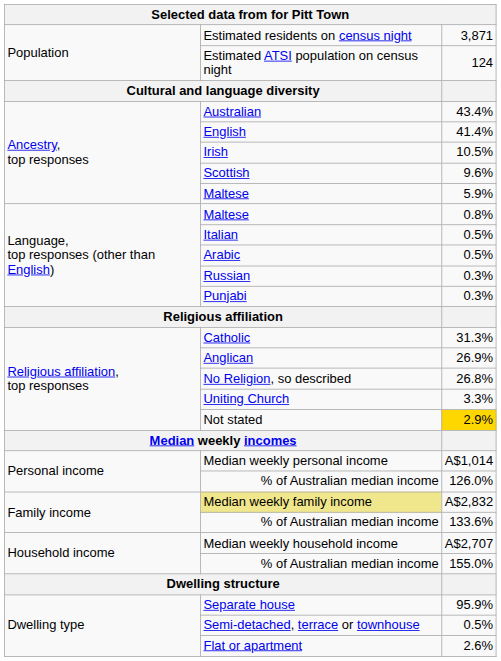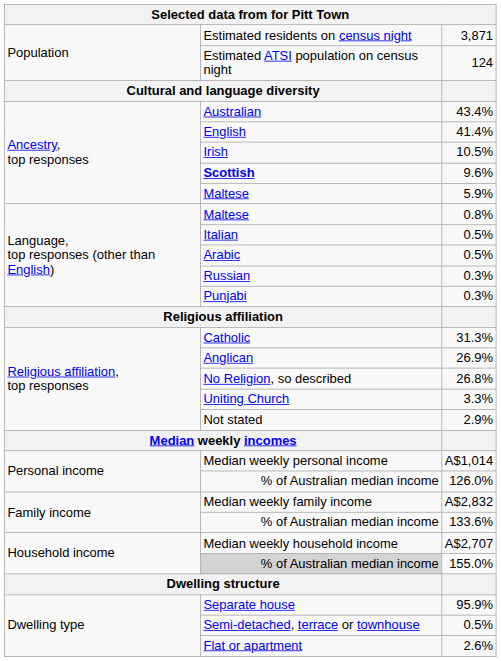 <table class="wikitable">
 <tr>
 <th colspan="3">Selected data from  for Pitt Town</th>
 </tr>
 <tr>
 <td rowspan="2">Population</td>
 <td>Estimated residents on <a href='#'>census night</a></td>
 <td align="right">3,871</td>
 </tr>
 <tr>
 <td>Estimated <a href='#'>ATSI</a> population on census night</td>
 <td align="right">124</td>
 </tr>
 <tr>
 <th colspan="2">Cultural and language diversity</th>
 <th></th>
 </tr>
 <tr>
 <td rowspan="5"><a href='#'>Ancestry</a>,<br>top responses</td>
 <td><a href='#'>Australian</a></td>
 <td align="right">43.4%</td>
 </tr>
 <tr>
 <td><a href='#'>English</a></td>
 <td align="right">41.4%</td>
 </tr>
 <tr>
 <td><a href='#'>Irish</a></td>
 <td align="right">10.5%</td>
 </tr>
 <tr>
-<td><a href='#'>Scottish</a></td>
+<td><strong><a href='#'>Scottish</a></strong></td>
 <td align="right">9.6%</td>
 </tr>
 <tr>
 <td><a href='#'>Maltese</a></td>
 <td align="right">5.9%</td>
 </tr>
 <tr>
 <td rowspan="5">Language,<br>top responses (other than <a href='#'>English</a>)</td>
 <td><a href='#'>Maltese</a></td>
 <td align="right">0.8%</td>
 </tr>
 <tr>
 <td><a href='#'>Italian</a></td>
 <td align="right">0.5%</td>
 </tr>
 <tr>
 <td><a href='#'>Arabic</a></td>
 <td align="right">0.5%</td>
 </tr>
 <tr>
 <td><a href='#'>Russian</a></td>
 <td align="right">0.3%</td>
 </tr>
 <tr>
 <td><a href='#'>Punjabi</a></td>
 <td align="right">0.3%</td>
 </tr>
 <tr>
 <th colspan="2">Religious affiliation</th>
 <th></th>
 </tr>
 <tr>
 <td rowspan="5"><a href='#'>Religious affiliation</a>,<br>top responses</td>
 <td><a href='#'>Catholic</a></td>
 <td align="right">31.3%</td>
 </tr>
 <tr>
 <td><a href='#'>Anglican</a></td>
 <td align="right">26.9%</td>
 </tr>
 <tr>
 <td><a href='#'>No Religion</a>, so described</td>
 <td align="right">26.8%</td>
 </tr>
 <tr>
 <td><a href='#'>Uniting Church</a></td>
 <td align="right">3.3%</td>
 </tr>
 <tr>
 <td>Not stated</td>
-<td align="right" style="background: gold;">2.9%</td>
+<td align="right">2.9%</td>
 </tr>
 <tr>
 <th colspan="2"><a href='#'>Median</a> weekly <a href='#'>incomes</a></th>
 <th></th>
 </tr>
 <tr>
 <td rowspan="2">Personal income</td>
 <td>Median weekly personal income</td>
 <td align="right">A$1,014</td>
 </tr>
 <tr>
 <td align="right">% of Australian median income</td>
 <td align="right">126.0%</td>
 </tr>
 <tr>
 <td rowspan="2">Family income</td>
-<td style="background: khaki;">Median weekly family income</td>
+<td>Median weekly family income</td>
 <td align="right">A$2,832</td>
 </tr>
 <tr>
 <td align="right">% of Australian median income</td>
 <td align="right">133.6%</td>
 </tr>
 <tr>
 <td rowspan="2">Household income</td>
 <td>Median weekly household income</td>
 <td align="right">A$2,707</td>
 </tr>
 <tr>
-<td align="right">% of Australian median income</td>
+<td align="right" style="background: lightgrey;">% of Australian median income</td>
 <td align="right">155.0%</td>
 </tr>
 <tr>
 <th colspan="2">Dwelling structure</th>
 <th></th>
 </tr>
 <tr>
 <td rowspan="3">Dwelling type</td>
 <td><a href='#'>Separate house</a></td>
 <td align="right">95.9%</td>
 </tr>
 <tr>
 <td><a href='#'>Semi-detached</a>, <a href='#'>terrace</a> or <a href='#'>townhouse</a></td>
 <td align="right">0.5%</td>
 </tr>
 <tr>
 <td><a href='#'>Flat or apartment</a></td>
 <td align="right">2.6%</td>
 </tr>
 </table>
